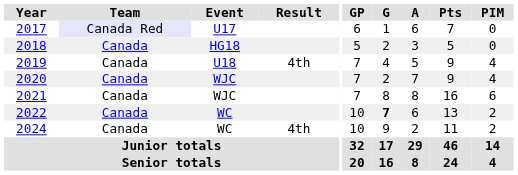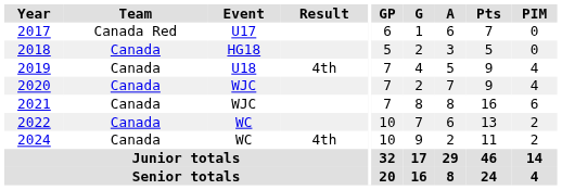 <table border="0" cellpadding="1" cellspacing="0" ID="Table3" style="text-align:center; width:40em">
 <tr bgcolor="#e0e0e0">
 <th>Year</th>
 <th>Team</th>
 <th>Event</th>
 <th>Result</th>
 <th rowspan="100" bgcolor="#ffffff"></th>
 <th>GP</th>
 <th>G</th>
 <th>A</th>
 <th>Pts</th>
 <th>PIM</th>
 </tr>
 <tr>
 <td><a href='#'>2017</a></td>
-<td style="background: lavender;">Canada Red</td>
+<td>Canada Red</td>
 <td><a href='#'>U17</a></td>
 <td></td>
 <td>6</td>
 <td>1</td>
 <td>6</td>
 <td>7</td>
 <td>0</td>
 </tr>
 <tr bgcolor="#f0f0f0">
 <td><a href='#'>2018</a></td>
 <td><a href='#'>Canada</a></td>
 <td><a href='#'>HG18</a></td>
 <td></td>
 <td>5</td>
 <td>2</td>
 <td>3</td>
 <td>5</td>
 <td>0</td>
 </tr>
 <tr>
 <td><a href='#'>2019</a></td>
 <td>Canada</td>
 <td><a href='#'>U18</a></td>
 <td>4th</td>
 <td>7</td>
 <td>4</td>
 <td>5</td>
 <td>9</td>
 <td>4</td>
 </tr>
 <tr bgcolor="#f0f0f0">
 <td><a href='#'>2020</a></td>
 <td><a href='#'>Canada</a></td>
 <td><a href='#'>WJC</a></td>
 <td></td>
 <td>7</td>
 <td>2</td>
 <td>7</td>
 <td>9</td>
 <td>4</td>
 </tr>
 <tr>
 <td><a href='#'>2021</a></td>
 <td>Canada</td>
 <td>WJC</td>
 <td></td>
 <td>7</td>
 <td>8</td>
 <td>8</td>
 <td>16</td>
 <td>6</td>
 </tr>
 <tr bgcolor="#f0f0f0">
 <td><a href='#'>2022</a></td>
 <td><a href='#'>Canada</a></td>
 <td><a href='#'>WC</a></td>
 <td></td>
 <td>10</td>
-<td><strong>7</strong></td>
+<td>7</td>
 <td>6</td>
 <td>13</td>
 <td>2</td>
 </tr>
 <tr>
 <td><a href='#'>2024</a></td>
 <td>Canada</td>
 <td>WC</td>
 <td>4th</td>
 <td>10</td>
 <td>9</td>
 <td>2</td>
 <td>11</td>
 <td>2</td>
 </tr>
 <tr bgcolor="#e0e0e0">
 <th colspan="4">Junior totals</th>
 <th>32</th>
 <th>17</th>
 <th>29</th>
 <th>46</th>
 <th>14</th>
 </tr>
 <tr bgcolor="#e0e0e0">
 <th colspan="4">Senior totals</th>
 <th>20</th>
 <th>16</th>
 <th>8</th>
 <th>24</th>
 <th>4</th>
 </tr>
 </table>
